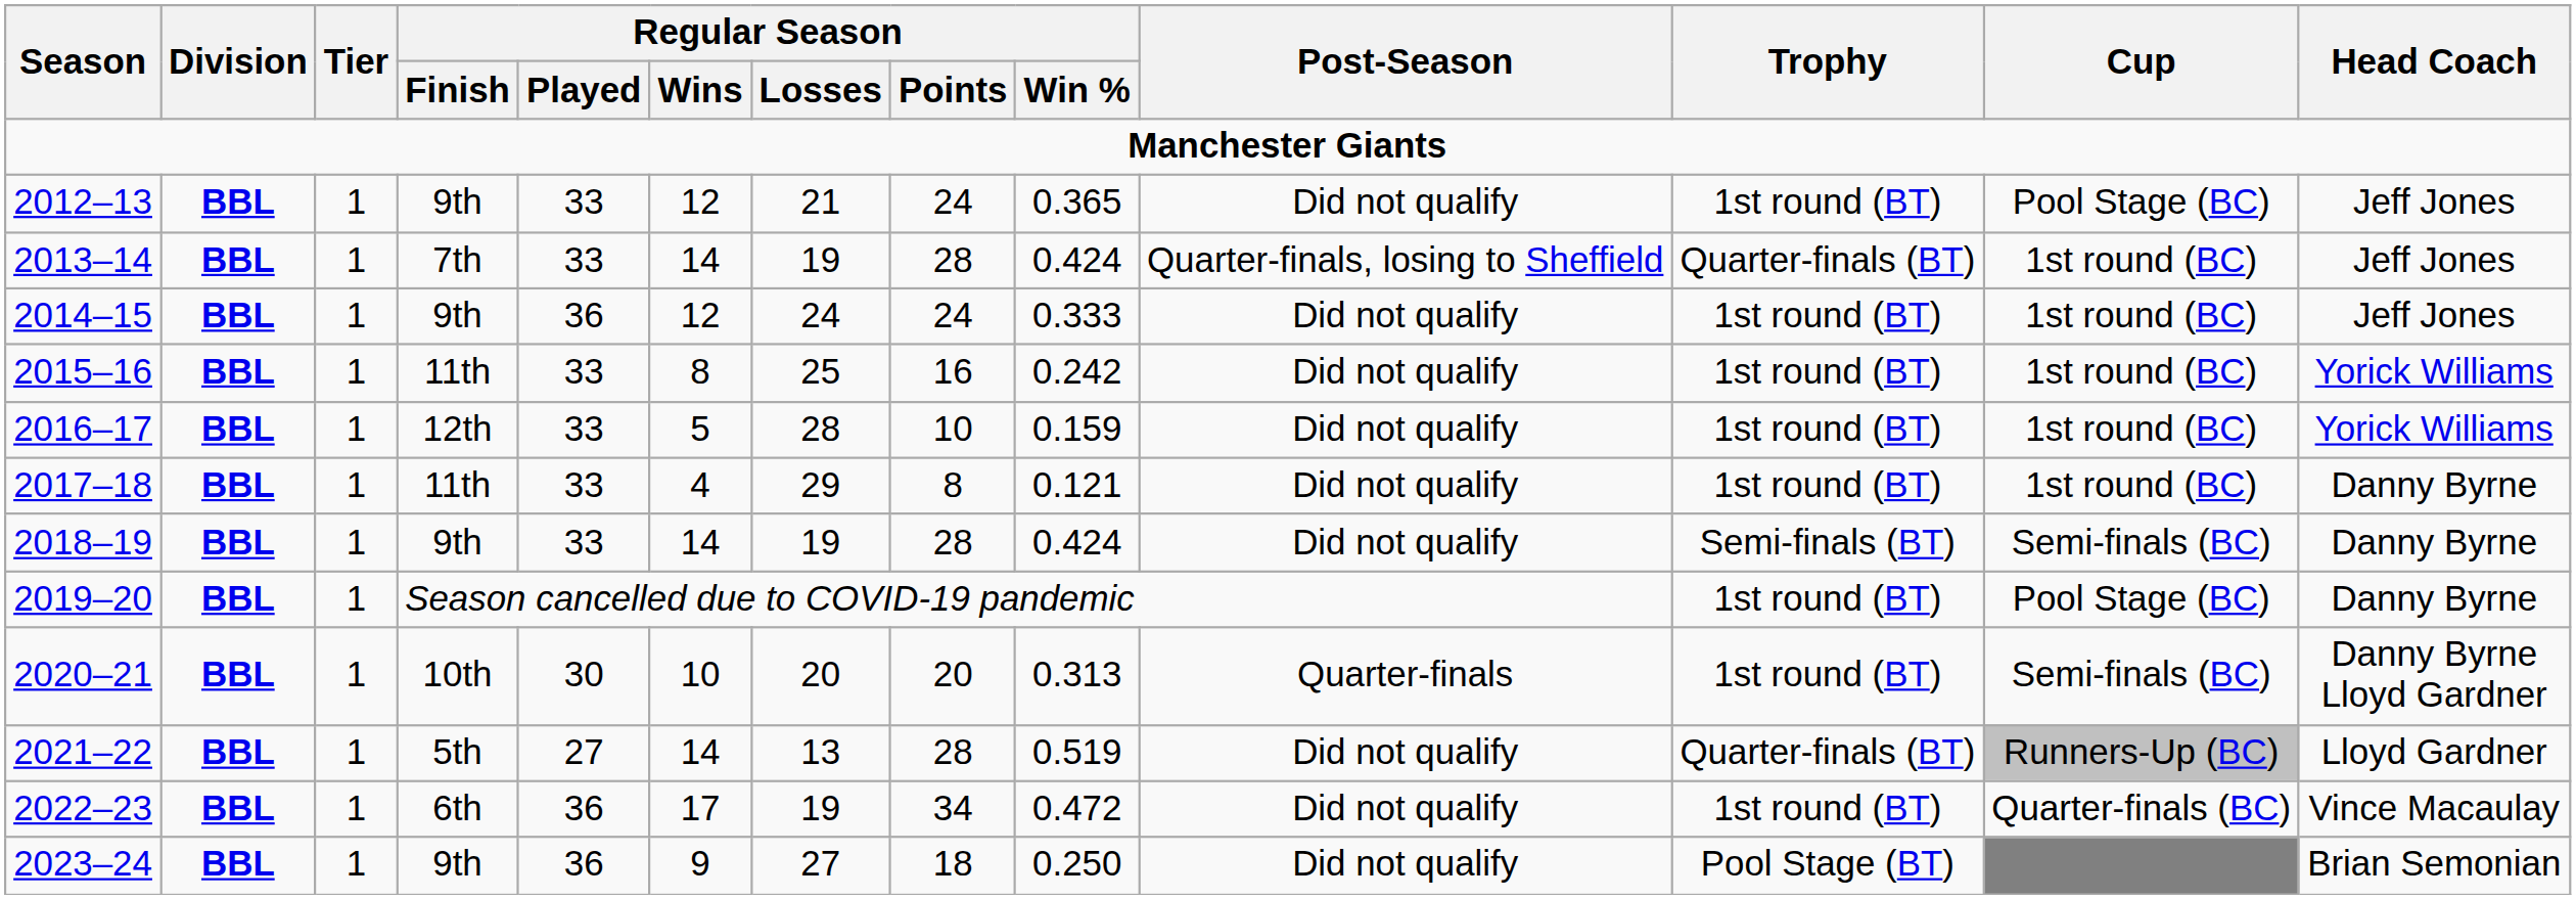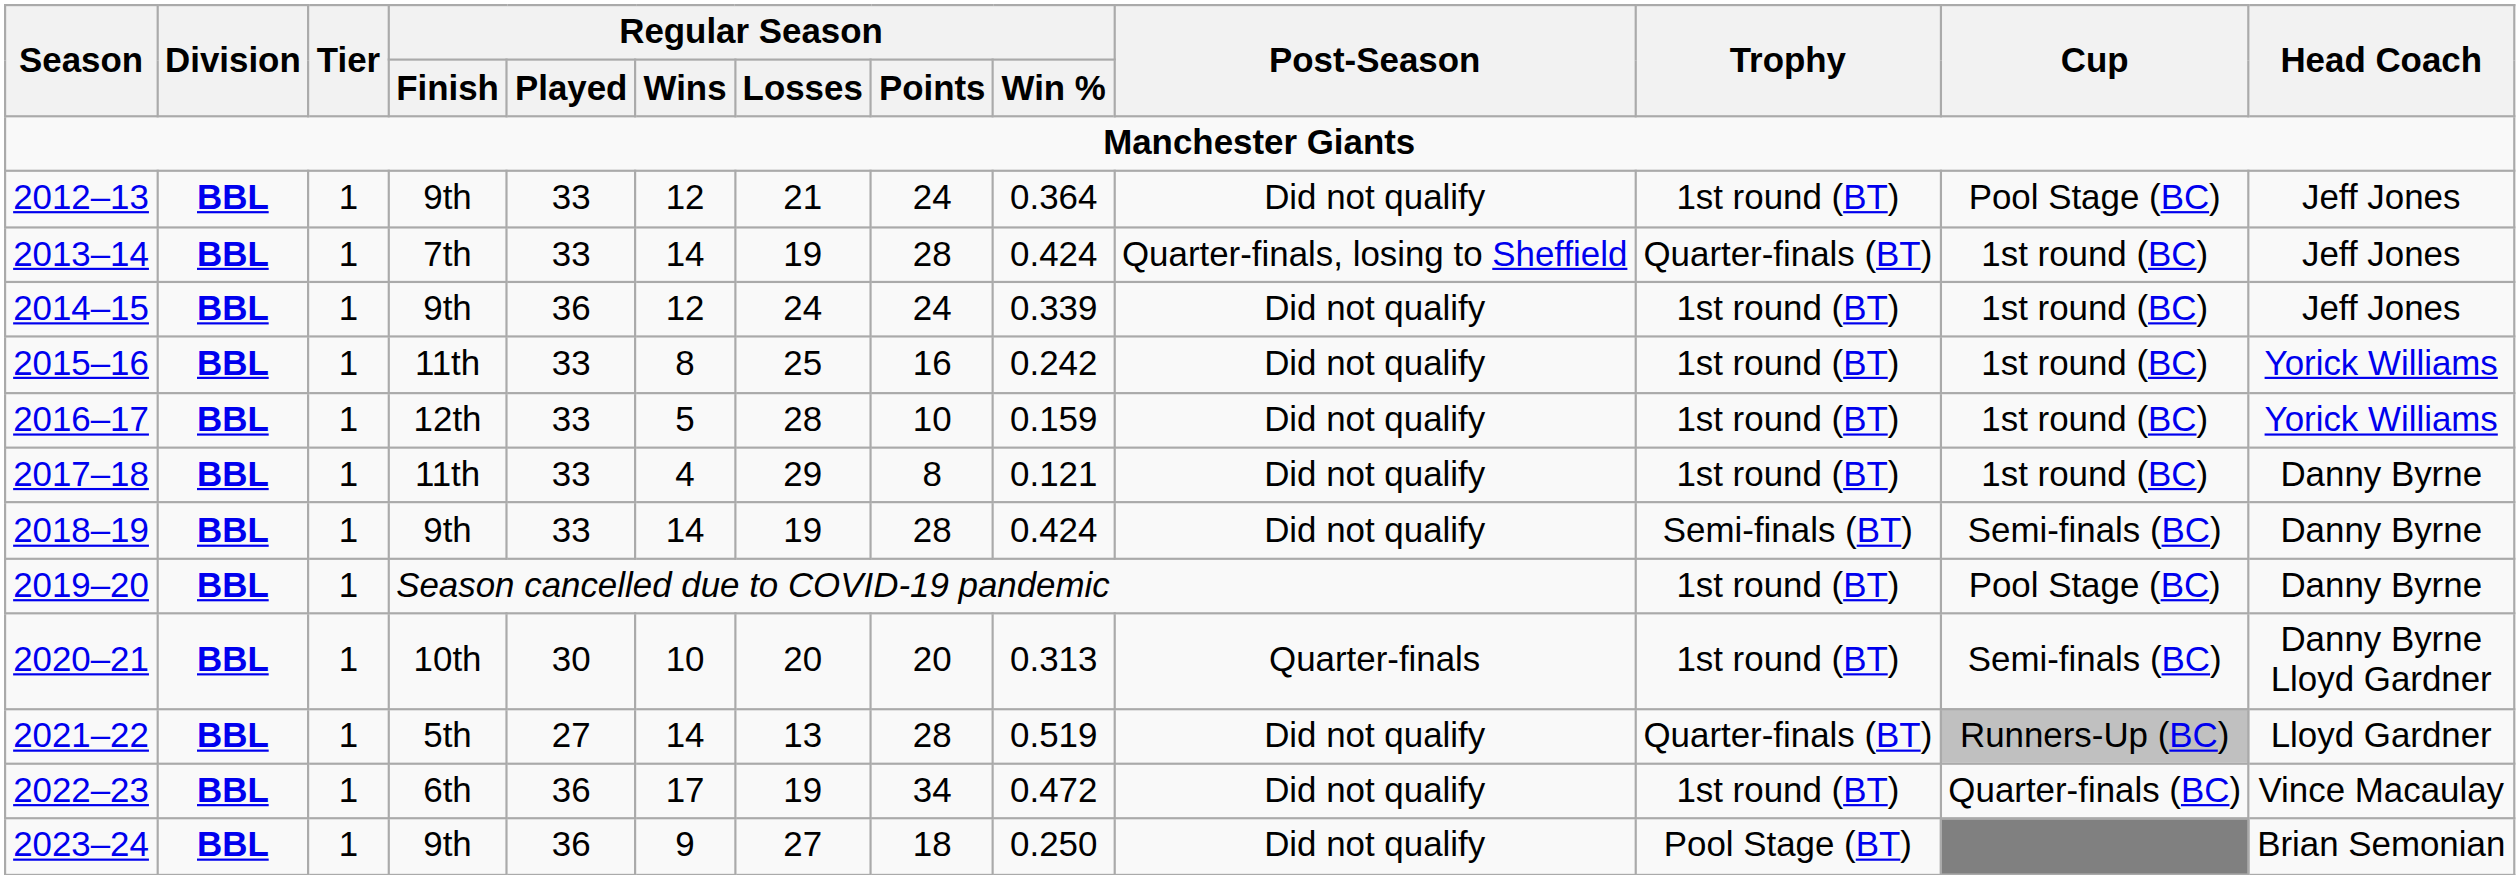 <table class="wikitable" style="font-size:100%;">
 <tr bgcolor="#efefef">
 <th rowspan="2">Season</th>
 <th rowspan="2">Division</th>
 <th rowspan="2">Tier</th>
 <th colspan="6">Regular Season</th>
 <th rowspan="2">Post-Season</th>
 <th rowspan="2">Trophy</th>
 <th rowspan="2">Cup</th>
 <th rowspan="2">Head Coach</th>
 </tr>
 <tr>
 <th>Finish</th>
 <th>Played</th>
 <th>Wins</th>
 <th>Losses</th>
 <th>Points</th>
 <th>Win %</th>
 </tr>
 <tr>
 <td colspan="13" align="center"><strong>Manchester Giants</strong></td>
 </tr>
 <tr>
 <td style="text-align:center;"><a href='#'>2012–13</a></td>
 <td style="text-align:center;"><strong><a href='#'>BBL</a></strong></td>
 <td style="text-align:center;">1</td>
 <td style="text-align:center;">9th</td>
 <td style="text-align:center;">33</td>
 <td style="text-align:center;">12</td>
 <td style="text-align:center;">21</td>
 <td style="text-align:center;">24</td>
-<td style="text-align:center;">0.365</td>
+<td style="text-align:center;">0.364</td>
 <td style="text-align:center;">Did not qualify</td>
 <td style="text-align:center;">1st round (<a href='#'>BT</a>)</td>
 <td style="text-align:center;">Pool Stage (<a href='#'>BC</a>)</td>
 <td style="text-align:center;">Jeff Jones</td>
 </tr>
 <tr>
 <td style="text-align:center;"><a href='#'>2013–14</a></td>
 <td style="text-align:center;"><strong><a href='#'>BBL</a></strong></td>
 <td style="text-align:center;">1</td>
 <td style="text-align:center;">7th</td>
 <td style="text-align:center;">33</td>
 <td style="text-align:center;">14</td>
 <td style="text-align:center;">19</td>
 <td style="text-align:center;">28</td>
 <td style="text-align:center;">0.424</td>
 <td style="text-align:center;">Quarter-finals, losing to <a href='#'>Sheffield</a></td>
 <td style="text-align:center;">Quarter-finals (<a href='#'>BT</a>)</td>
 <td style="text-align:center;">1st round (<a href='#'>BC</a>)</td>
 <td style="text-align:center;">Jeff Jones</td>
 </tr>
 <tr>
 <td style="text-align:center;"><a href='#'>2014–15</a></td>
 <td style="text-align:center;"><strong><a href='#'>BBL</a></strong></td>
 <td style="text-align:center;">1</td>
 <td style="text-align:center;">9th</td>
 <td style="text-align:center;">36</td>
 <td style="text-align:center;">12</td>
 <td style="text-align:center;">24</td>
 <td style="text-align:center;">24</td>
-<td style="text-align:center;">0.333</td>
+<td style="text-align:center;">0.339</td>
 <td style="text-align:center;">Did not qualify</td>
 <td style="text-align:center;">1st round (<a href='#'>BT</a>)</td>
 <td style="text-align:center;">1st round (<a href='#'>BC</a>)</td>
 <td style="text-align:center;">Jeff Jones</td>
 </tr>
 <tr>
 <td style="text-align:center;"><a href='#'>2015–16</a></td>
 <td style="text-align:center;"><strong><a href='#'>BBL</a></strong></td>
 <td style="text-align:center;">1</td>
 <td style="text-align:center;">11th</td>
 <td style="text-align:center;">33</td>
 <td style="text-align:center;">8</td>
 <td style="text-align:center;">25</td>
 <td style="text-align:center;">16</td>
 <td style="text-align:center;">0.242</td>
 <td style="text-align:center;">Did not qualify</td>
 <td style="text-align:center;">1st round (<a href='#'>BT</a>)</td>
 <td style="text-align:center;">1st round (<a href='#'>BC</a>)</td>
 <td style="text-align:center;"><a href='#'>Yorick Williams</a></td>
 </tr>
 <tr>
 <td style="text-align:center;"><a href='#'>2016–17</a></td>
 <td style="text-align:center;"><strong><a href='#'>BBL</a></strong></td>
 <td style="text-align:center;">1</td>
 <td style="text-align:center;">12th</td>
 <td style="text-align:center;">33</td>
 <td style="text-align:center;">5</td>
 <td style="text-align:center;">28</td>
 <td style="text-align:center;">10</td>
 <td style="text-align:center;">0.159</td>
 <td style="text-align:center;">Did not qualify</td>
 <td style="text-align:center;">1st round (<a href='#'>BT</a>)</td>
 <td style="text-align:center;">1st round (<a href='#'>BC</a>)</td>
 <td style="text-align:center;"><a href='#'>Yorick Williams</a></td>
 </tr>
 <tr>
 <td style="text-align:center;"><a href='#'>2017–18</a></td>
 <td style="text-align:center;"><strong><a href='#'>BBL</a></strong></td>
 <td style="text-align:center;">1</td>
 <td style="text-align:center;">11th</td>
 <td style="text-align:center;">33</td>
 <td style="text-align:center;">4</td>
 <td style="text-align:center;">29</td>
 <td style="text-align:center;">8</td>
 <td style="text-align:center;">0.121</td>
 <td style="text-align:center;">Did not qualify</td>
 <td style="text-align:center;">1st round (<a href='#'>BT</a>)</td>
 <td style="text-align:center;">1st round (<a href='#'>BC</a>)</td>
 <td style="text-align:center;">Danny Byrne</td>
 </tr>
 <tr>
 <td style="text-align:center;"><a href='#'>2018–19</a></td>
 <td style="text-align:center;"><strong><a href='#'>BBL</a></strong></td>
 <td style="text-align:center;">1</td>
 <td style="text-align:center;">9th</td>
 <td style="text-align:center;">33</td>
 <td style="text-align:center;">14</td>
 <td style="text-align:center;">19</td>
 <td style="text-align:center;">28</td>
 <td style="text-align:center;">0.424</td>
 <td style="text-align:center;">Did not qualify</td>
 <td style="text-align:center;">Semi-finals (<a href='#'>BT</a>)</td>
 <td style="text-align:center;">Semi-finals (<a href='#'>BC</a>)</td>
 <td style="text-align:center;">Danny Byrne</td>
 </tr>
 <tr>
 <td style="text-align:center;"><a href='#'>2019–20</a></td>
 <td style="text-align:center;"><strong><a href='#'>BBL</a></strong></td>
 <td style="text-align:center;">1</td>
 <td colspan=7><em>Season cancelled due to COVID-19 pandemic</em></td>
 <td style="text-align:center;">1st round (<a href='#'>BT</a>)</td>
 <td style="text-align:center;">Pool Stage (<a href='#'>BC</a>)</td>
 <td style="text-align:center;">Danny Byrne</td>
 </tr>
 <tr>
 <td style="text-align:center;"><a href='#'>2020–21</a></td>
 <td style="text-align:center;"><strong><a href='#'>BBL</a></strong></td>
 <td style="text-align:center;">1</td>
 <td style="text-align:center;">10th</td>
 <td style="text-align:center;">30</td>
 <td style="text-align:center;">10</td>
 <td style="text-align:center;">20</td>
 <td style="text-align:center;">20</td>
 <td style="text-align:center;">0.313</td>
 <td style="text-align:center;">Quarter-finals</td>
 <td style="text-align:center;">1st round (<a href='#'>BT</a>)</td>
 <td style="text-align:center;">Semi-finals (<a href='#'>BC</a>)</td>
 <td style="text-align:center;">Danny Byrne <br> Lloyd Gardner</td>
 </tr>
 <tr>
 <td style="text-align:center;"><a href='#'>2021–22</a></td>
 <td style="text-align:center;"><strong><a href='#'>BBL</a></strong></td>
 <td style="text-align:center;">1</td>
 <td style="text-align:center;">5th</td>
 <td style="text-align:center;">27</td>
 <td style="text-align:center;">14</td>
 <td style="text-align:center;">13</td>
 <td style="text-align:center;">28</td>
 <td style="text-align:center;">0.519</td>
 <td style="text-align:center;">Did not qualify</td>
 <td style="text-align:center;">Quarter-finals (<a href='#'>BT</a>)</td>
 <td style="text-align:center;" bgcolor=silver>Runners-Up (<a href='#'>BC</a>)</td>
 <td style="text-align:center;">Lloyd Gardner</td>
 </tr>
 <tr>
 <td style="text-align:center;"><a href='#'>2022–23</a></td>
 <td style="text-align:center;"><strong><a href='#'>BBL</a></strong></td>
 <td style="text-align:center;">1</td>
 <td style="text-align:center;">6th</td>
 <td style="text-align:center;">36</td>
 <td style="text-align:center;">17</td>
 <td style="text-align:center;">19</td>
 <td style="text-align:center;">34</td>
 <td style="text-align:center;">0.472</td>
 <td style="text-align:center;">Did not qualify</td>
 <td style="text-align:center;">1st round (<a href='#'>BT</a>)</td>
 <td style="text-align:center;">Quarter-finals (<a href='#'>BC</a>)</td>
 <td style="text-align:center;">Vince Macaulay</td>
 </tr>
 <tr>
 <td style="text-align:center;"><a href='#'>2023–24</a></td>
 <td style="text-align:center;"><strong><a href='#'>BBL</a></strong></td>
 <td style="text-align:center;">1</td>
 <td style="text-align:center;">9th</td>
 <td style="text-align:center;">36</td>
 <td style="text-align:center;">9</td>
 <td style="text-align:center;">27</td>
 <td style="text-align:center;">18</td>
 <td style="text-align:center;">0.250</td>
 <td style="text-align:center;">Did not qualify</td>
 <td style="text-align:center;">Pool Stage (<a href='#'>BT</a>)</td>
 <td style="text-align:center;"bgcolor=grey></td>
 <td style="text-align:center;">Brian Semonian</td>
 </tr>
 </table>
